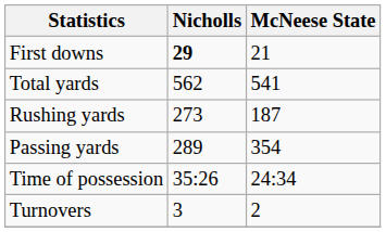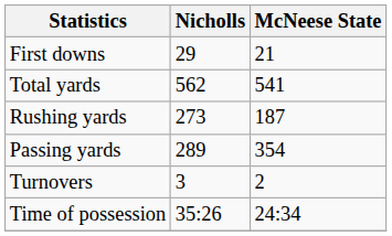 <table class="wikitable">
 <tr>
 <th>Statistics</th>
 <th>Nicholls</th>
 <th>McNeese State</th>
 </tr>
 <tr>
 <td>First downs</td>
-<td><strong>29</strong></td>
+<td>29</td>
 <td>21</td>
 </tr>
 <tr>
 <td>Total yards</td>
 <td>562</td>
 <td>541</td>
 </tr>
 <tr>
 <td>Rushing yards</td>
 <td>273</td>
 <td>187</td>
 </tr>
 <tr>
 <td>Passing yards</td>
 <td>289</td>
 <td>354</td>
 </tr>
 <tr>
+<td>Turnovers</td>
+<td>3</td>
+<td>2</td>
+</tr>
+<tr>
 <td>Time of possession</td>
 <td>35:26</td>
 <td>24:34</td>
 </tr>
 <tr>
-<td>Turnovers</td>
-<td>3</td>
-<td>2</td>
-</tr>
-<tr>
 </tr>
 </table>
